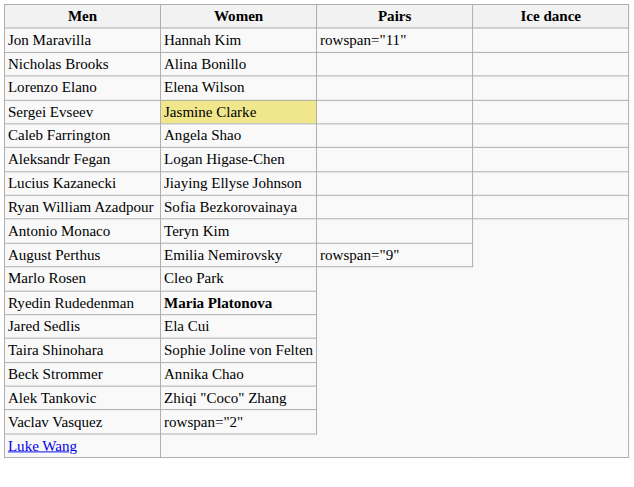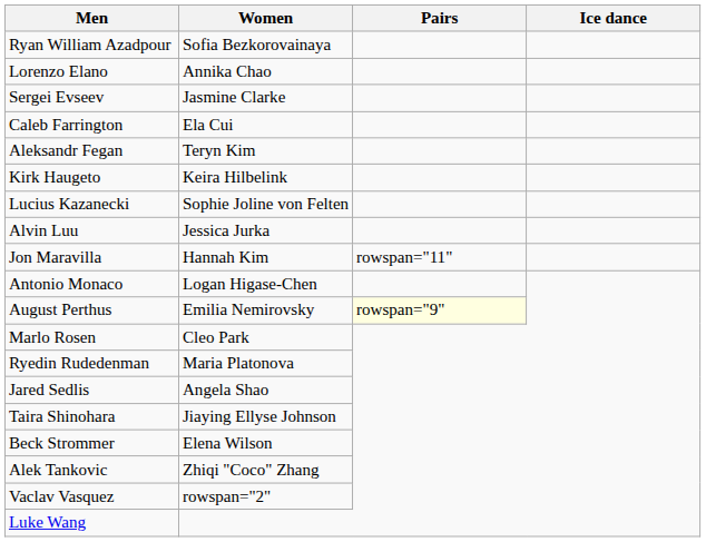 <table class="wikitable unsortable" style="text-align:left;">
 <tr>
 <th scope="col" style="width:25%">Men</th>
 <th scope="col" style="width:25%">Women</th>
 <th scope="col" style="width:25%">Pairs</th>
 <th scope="col" style="width:25%">Ice dance</th>
 </tr>
 <tr>
+<td>Ryan William Azadpour</td>
+<td>Sofia Bezkorovainaya</td>
+<td></td>
+<td></td>
+</tr>
+<tr>
+<td>Lorenzo Elano</td>
+<td>Annika Chao</td>
+<td></td>
+<td></td>
+</tr>
+<tr>
+<td>Sergei Evseev</td>
+<td>Jasmine Clarke</td>
+<td></td>
+<td></td>
+</tr>
+<tr>
+<td>Caleb Farrington</td>
+<td>Ela Cui</td>
+<td></td>
+<td></td>
+</tr>
+<tr>
+<td>Aleksandr Fegan</td>
+<td>Teryn Kim</td>
+<td></td>
+<td></td>
+</tr>
+<tr>
+<td>Kirk Haugeto</td>
+<td>Keira Hilbelink</td>
+<td></td>
+<td></td>
+</tr>
+<tr>
+<td>Lucius Kazanecki</td>
+<td>Sophie Joline von Felten</td>
+<td></td>
+<td></td>
+</tr>
+<tr>
+<td>Alvin Luu</td>
+<td>Jessica Jurka</td>
+<td></td>
+<td></td>
+</tr>
+<tr>
 <td>Jon Maravilla</td>
 <td>Hannah Kim</td>
 <td>rowspan="11" </td>
 <td></td>
 </tr>
 <tr>
-<td>Nicholas Brooks</td>
-<td>Alina Bonillo</td>
-<td></td>
-<td></td>
-</tr>
-<tr>
-<td>Lorenzo Elano</td>
-<td>Elena Wilson</td>
-<td></td>
-<td></td>
-</tr>
-<tr>
-<td>Sergei Evseev</td>
-<td style="background: khaki;">Jasmine Clarke</td>
-<td></td>
-<td></td>
-</tr>
-<tr>
-<td>Caleb Farrington</td>
-<td>Angela Shao</td>
-<td></td>
-<td></td>
-</tr>
-<tr>
-<td>Aleksandr Fegan</td>
+<td>Antonio Monaco</td>
 <td>Logan Higase-Chen</td>
-<td></td>
-<td></td>
-</tr>
-<tr>
-<td>Lucius Kazanecki</td>
-<td>Jiaying Ellyse Johnson</td>
-<td></td>
-<td></td>
-</tr>
-<tr>
-<td>Ryan William Azadpour</td>
-<td>Sofia Bezkorovainaya</td>
-<td></td>
-<td></td>
-</tr>
-<tr>
-<td>Antonio Monaco</td>
-<td>Teryn Kim</td>
 <td></td>
 </tr>
 <tr>
 <td>August Perthus</td>
 <td>Emilia Nemirovsky</td>
-<td>rowspan="9" </td>
+<td style="background: lightyellow;">rowspan="9" </td>
 </tr>
 <tr>
 <td>Marlo Rosen</td>
 <td>Cleo Park</td>
 </tr>
 <tr>
 <td>Ryedin Rudedenman</td>
-<td><strong>Maria Platonova</strong></td>
+<td>Maria Platonova</td>
 </tr>
 <tr>
 <td>Jared Sedlis</td>
-<td>Ela Cui</td>
+<td>Angela Shao</td>
 </tr>
 <tr>
 <td>Taira Shinohara</td>
-<td>Sophie Joline von Felten</td>
+<td>Jiaying Ellyse Johnson</td>
 </tr>
 <tr>
 <td>Beck Strommer</td>
-<td>Annika Chao</td>
+<td>Elena Wilson</td>
 </tr>
 <tr>
 <td>Alek Tankovic</td>
 <td>Zhiqi "Coco" Zhang</td>
 </tr>
 <tr>
 <td>Vaclav Vasquez</td>
 <td>rowspan="2" </td>
 </tr>
 <tr>
 <td><a href='#'>Luke Wang</a></td>
 </tr>
 </table>
